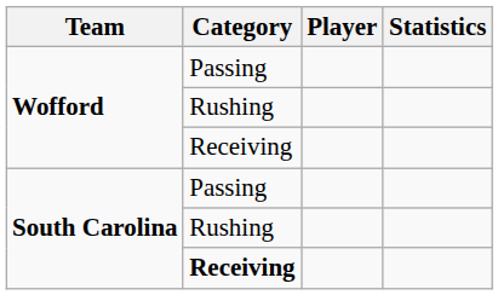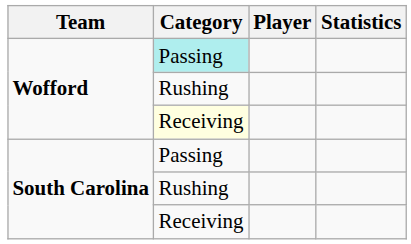 <table class="wikitable" style="float: right;">
 <tr>
 <th>Team</th>
 <th>Category</th>
 <th>Player</th>
 <th>Statistics</th>
 </tr>
 <tr>
 <td rowspan=3><strong>Wofford</strong></td>
-<td>Passing</td>
+<td style="background: paleturquoise;">Passing</td>
 <td></td>
 <td></td>
 </tr>
 <tr>
 <td>Rushing</td>
 <td></td>
 <td></td>
 </tr>
 <tr>
-<td>Receiving</td>
+<td style="background: lightyellow;">Receiving</td>
 <td></td>
 <td></td>
 </tr>
 <tr>
 <td rowspan=3><strong>South Carolina</strong></td>
 <td>Passing</td>
 <td></td>
 <td></td>
 </tr>
 <tr>
 <td>Rushing</td>
 <td></td>
 <td></td>
 </tr>
 <tr>
-<td><strong>Receiving</strong></td>
+<td>Receiving</td>
 <td></td>
 <td></td>
 </tr>
 </table>
